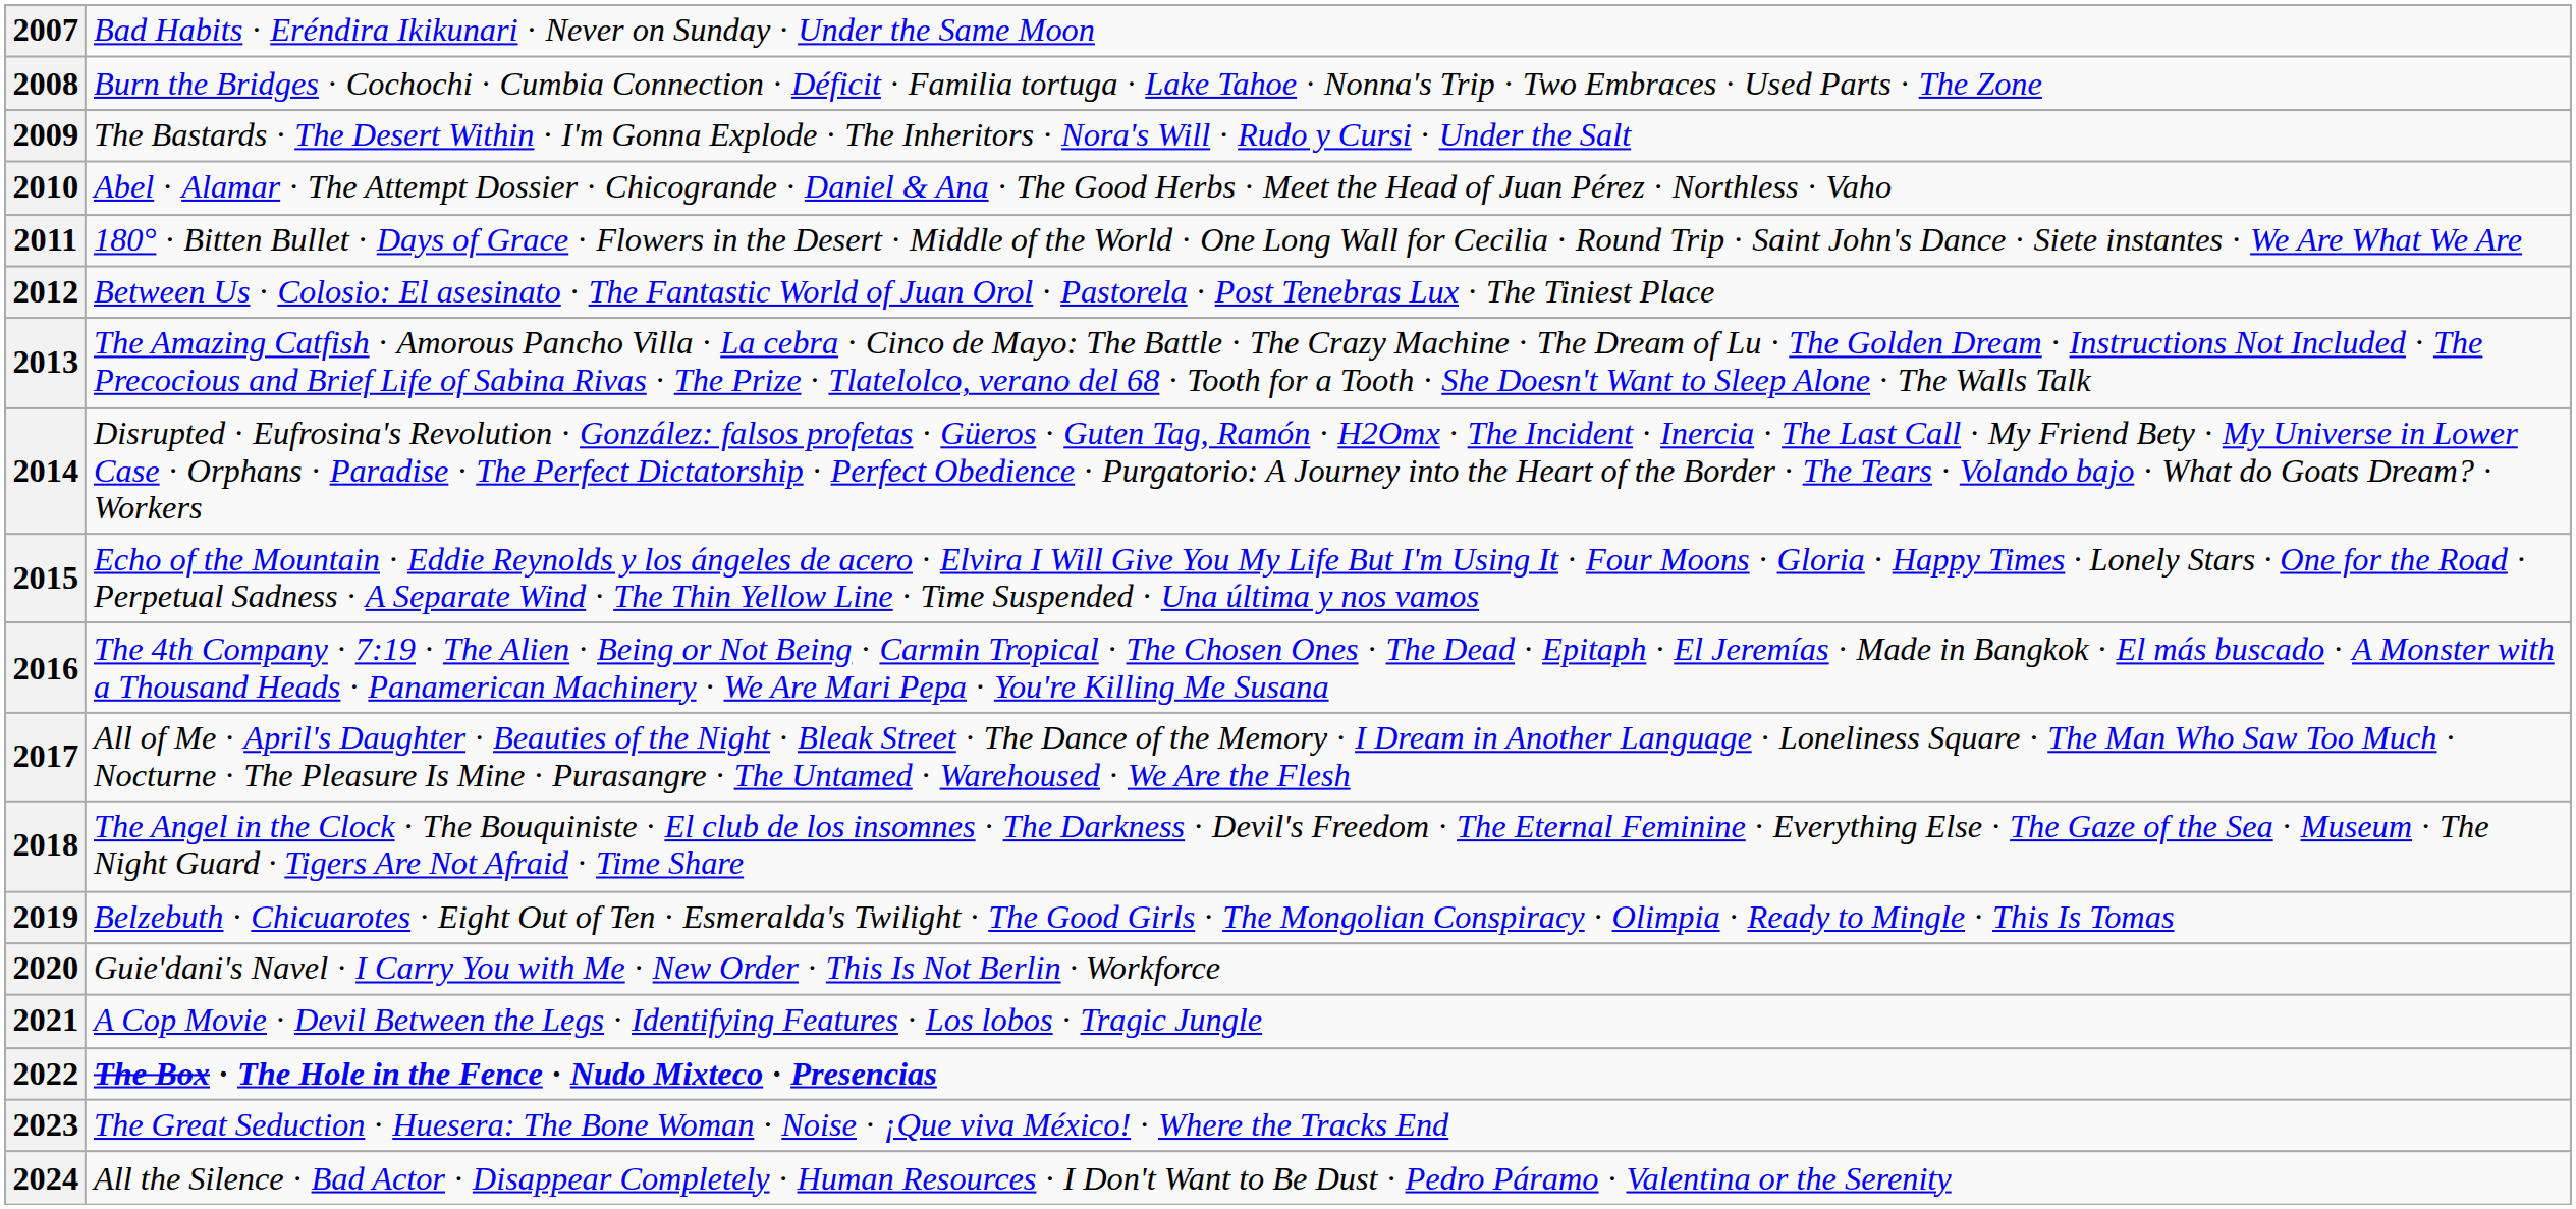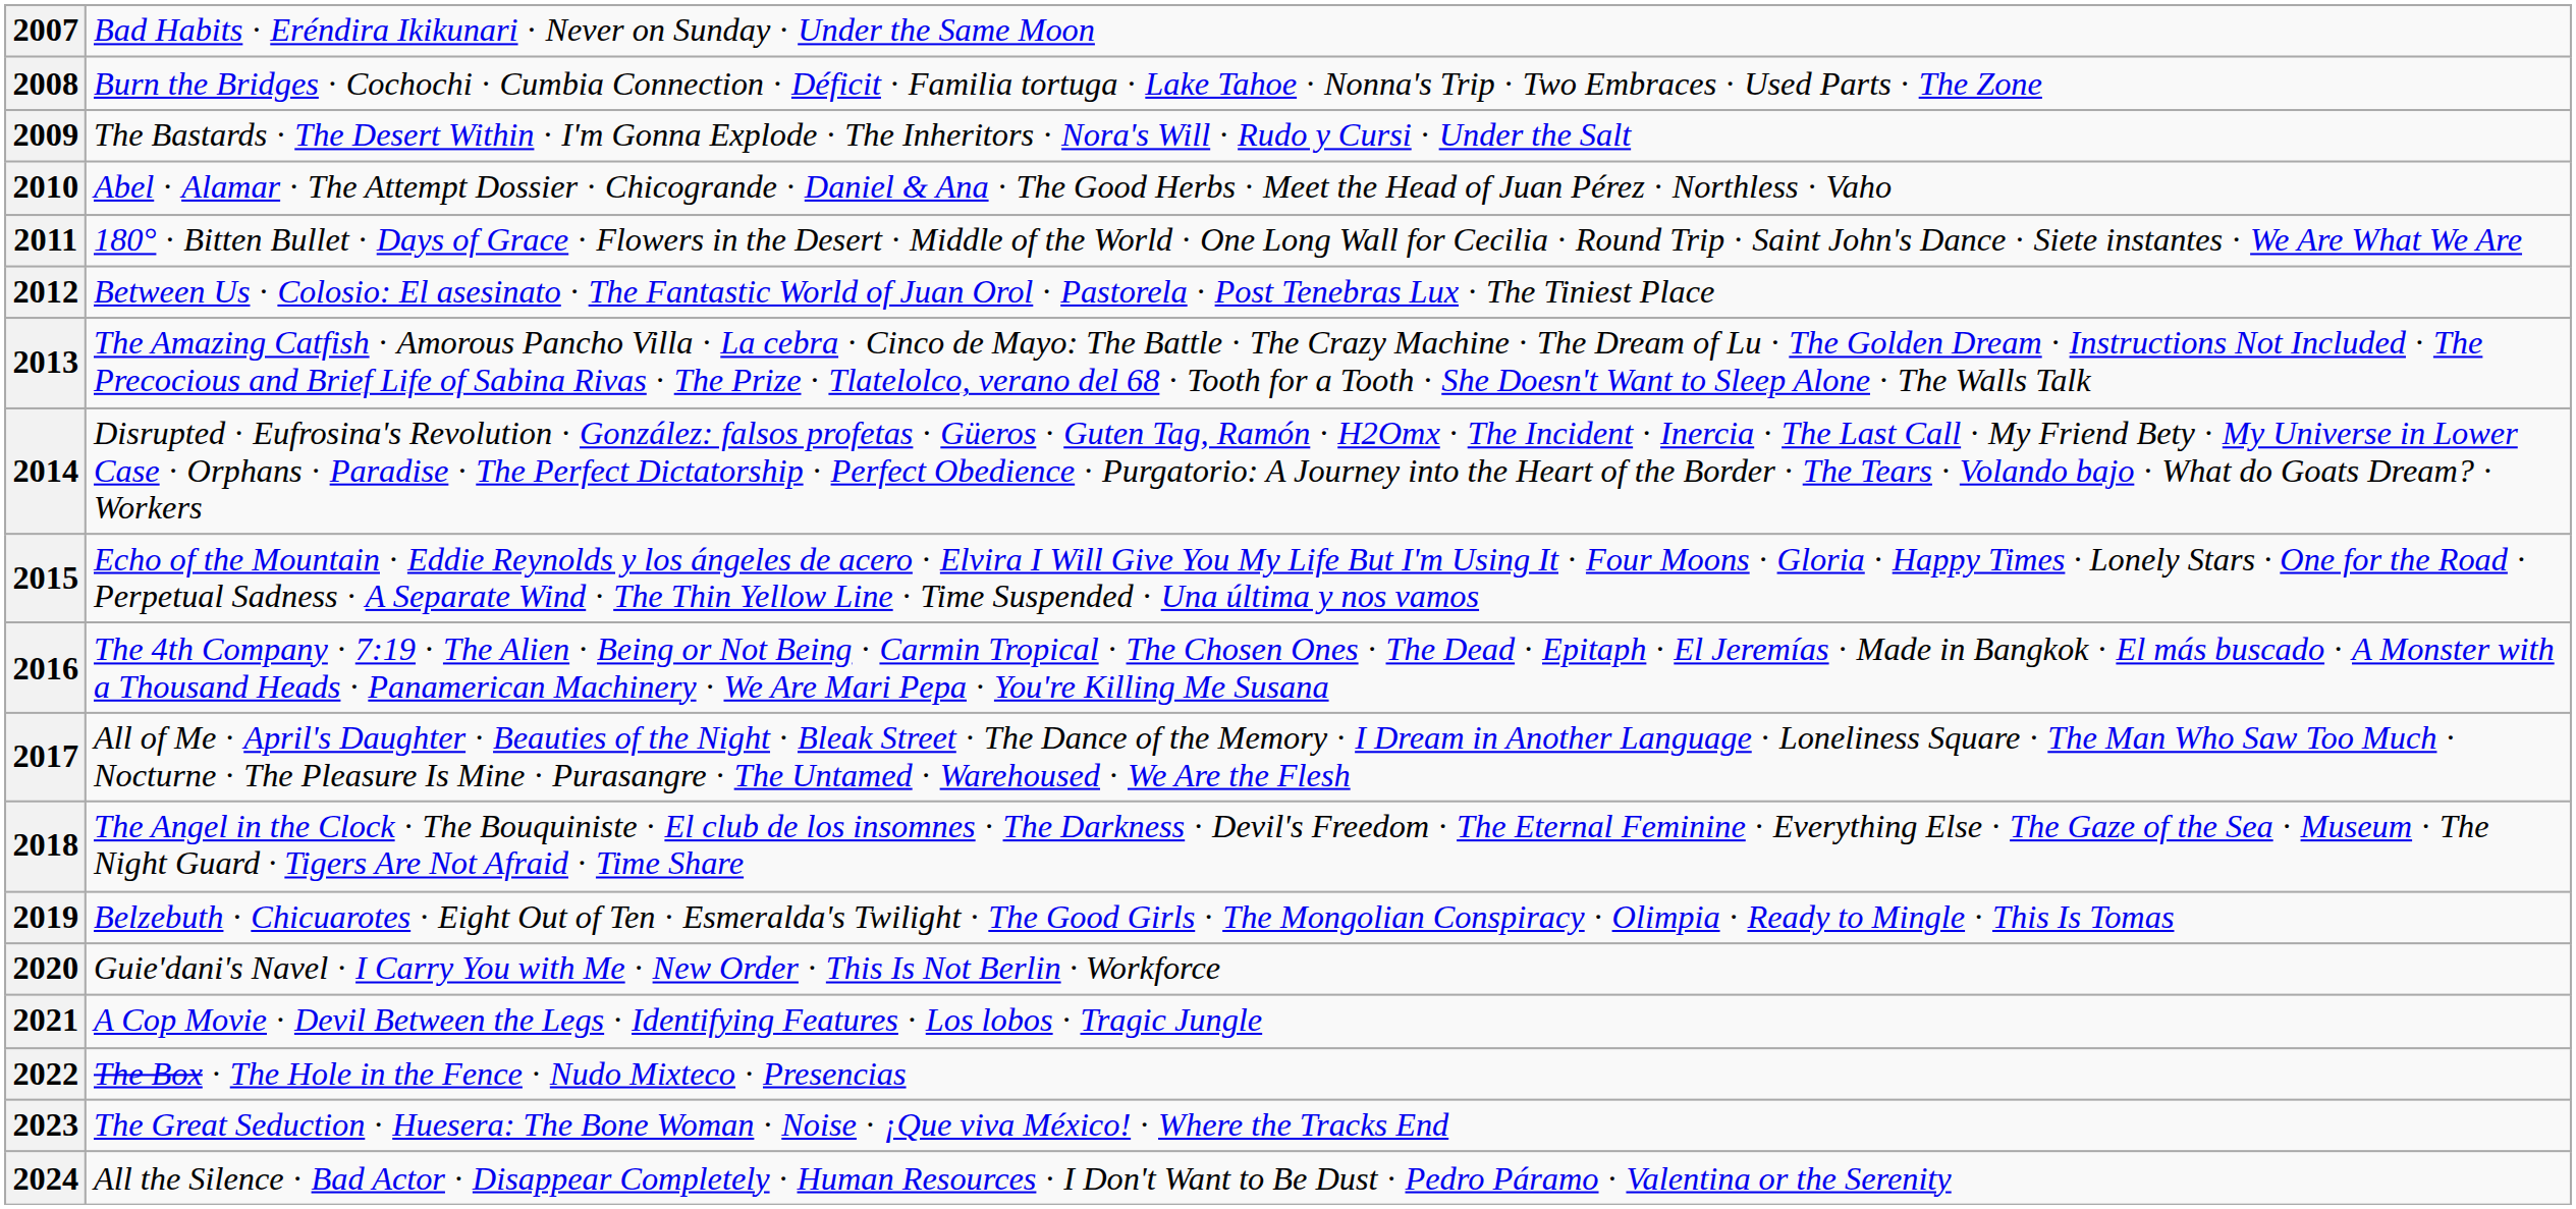 <table class="wikitable">
 <tr>
 <th>2007</th>
 <td><em><a href='#'>Bad Habits</a></em> · <em><a href='#'>Eréndira Ikikunari</a></em> · <em>Never on Sunday</em> · <em><a href='#'>Under the Same Moon</a></em></td>
 </tr>
 <tr>
 <th>2008</th>
 <td><em><a href='#'>Burn the Bridges</a></em> · <em>Cochochi</em> · <em>Cumbia Connection</em> · <em><a href='#'>Déficit</a></em> · <em>Familia tortuga</em> · <em><a href='#'>Lake Tahoe</a></em> · <em>Nonna's Trip</em> · <em>Two Embraces</em> · <em>Used Parts</em> · <em><a href='#'>The Zone</a></em></td>
 </tr>
 <tr>
 <th>2009</th>
 <td><em>The Bastards</em> · <em><a href='#'>The Desert Within</a></em> · <em>I'm Gonna Explode</em> · <em>The Inheritors</em> · <em><a href='#'>Nora's Will</a></em> · <em><a href='#'>Rudo y Cursi</a></em> · <em><a href='#'>Under the Salt</a></em></td>
 </tr>
 <tr>
 <th>2010</th>
 <td><em><a href='#'>Abel</a></em> · <em><a href='#'>Alamar</a></em> · <em>The Attempt Dossier</em> · <em>Chicogrande</em> · <em><a href='#'>Daniel & Ana</a></em> · <em>The Good Herbs</em> · <em>Meet the Head of Juan Pérez</em> · <em>Northless</em> · <em>Vaho</em></td>
 </tr>
 <tr>
 <th>2011</th>
 <td><em><a href='#'>180°</a></em> · <em>Bitten Bullet</em> · <a href='#'><em>Days of Grace</em></a> · <em>Flowers in the Desert</em> · <em>Middle of the World</em> · <em>One Long Wall for Cecilia</em> · <em>Round Trip</em> · <em>Saint John's Dance</em> · <em>Siete instantes</em> · <em><a href='#'>We Are What We Are</a></em></td>
 </tr>
 <tr>
 <th>2012</th>
 <td><em><a href='#'>Between Us</a></em> · <em><a href='#'>Colosio: El asesinato</a></em> · <em><a href='#'>The Fantastic World of Juan Orol</a></em> · <em><a href='#'>Pastorela</a></em> · <em><a href='#'>Post Tenebras Lux</a></em> · <em>The Tiniest Place</em></td>
 </tr>
 <tr>
 <th>2013</th>
 <td><em><a href='#'>The Amazing Catfish</a></em> · <em>Amorous Pancho Villa</em> · <em><a href='#'>La cebra</a></em> · <em>Cinco de Mayo: The Battle</em> · <em>The Crazy Machine</em> · <em>The Dream of Lu</em> · <em><a href='#'>The Golden Dream</a></em> · <em><a href='#'>Instructions Not Included</a></em> · <a href='#'><em>The Precocious and Brief Life of Sabina Rivas</em></a> · <em><a href='#'>The Prize</a></em> · <em><a href='#'>Tlatelolco, verano del 68</a></em> · <em>Tooth for a Tooth</em> · <em><a href='#'>She Doesn't Want to Sleep Alone</a></em> · <em>The Walls Talk</em></td>
 </tr>
 <tr>
 <th>2014</th>
 <td><em>Disrupted</em> · <em>Eufrosina's Revolution</em> · <em><a href='#'>González: falsos profetas</a></em> · <em><a href='#'>Güeros</a></em> · <a href='#'><em>Guten Tag, Ramón</em></a> · <em><a href='#'>H2Omx</a></em> · <em><a href='#'>The Incident</a></em> · <em><a href='#'>Inercia</a></em> · <em><a href='#'>The Last Call</a></em> · <em>My Friend Bety</em> · <em><a href='#'>My Universe in Lower Case</a></em> · <em>Orphans</em> · <em><a href='#'>Paradise</a></em> · <em><a href='#'>The Perfect Dictatorship</a></em> · <em><a href='#'>Perfect Obedience</a></em> · <em>Purgatorio: A Journey into the Heart of the Border</em> · <a href='#'><em>The Tears</em></a> · <em><a href='#'>Volando bajo</a></em> · <em>What do Goats Dream?</em> · <em>Workers</em></td>
 </tr>
 <tr>
 <th>2015</th>
 <td><em><a href='#'>Echo of the Mountain</a></em> · <em><a href='#'>Eddie Reynolds y los ángeles de acero</a></em> · <em><a href='#'>Elvira I Will Give You My Life But I'm Using It</a></em> · <em><a href='#'>Four Moons</a></em> · <a href='#'><em>Gloria</em></a> · <em><a href='#'>Happy Times</a> · Lonely Stars · <a href='#'>One for the Road</a></em> · <em>Perpetual Sadness</em> · <em><a href='#'>A Separate Wind</a></em> · <em><a href='#'>The Thin Yellow Line</a></em> · <em>Time Suspended</em> · <em><a href='#'>Una última y nos vamos</a></em></td>
 </tr>
 <tr>
 <th>2016</th>
 <td><em><a href='#'>The 4th Company</a></em> · <em><a href='#'>7:19</a></em> · <a href='#'><em>The Alien</em></a> · <em><a href='#'>Being or Not Being</a></em> · <em><a href='#'>Carmin Tropical</a></em> · <a href='#'><em>The Chosen Ones</em></a> · <em><a href='#'>The Dead</a></em> · <em><a href='#'>Epitaph</a></em> · <em><a href='#'>El Jeremías</a></em> · <em>Made in Bangkok</em> · <em><a href='#'>El más buscado</a></em> · <em><a href='#'>A Monster with a Thousand Heads</a></em> · <em><a href='#'>Panamerican Machinery</a></em> · <em><a href='#'>We Are Mari Pepa</a></em> · <em><a href='#'>You're Killing Me Susana</a></em></td>
 </tr>
 <tr>
 <th>2017</th>
 <td><em>All of Me</em> · <em><a href='#'>April's Daughter</a></em> · <em><a href='#'>Beauties of the Night</a></em> · <em><a href='#'>Bleak Street</a></em> · <em>The Dance of the Memory</em> · <em><a href='#'>I Dream in Another Language</a></em> · <em>Loneliness Square</em> · <em><a href='#'>The Man Who Saw Too Much</a></em> · <em>Nocturne</em> · <em>The Pleasure Is Mine</em> · <em>Purasangre</em> · <em><a href='#'>The Untamed</a></em> · <em><a href='#'>Warehoused</a></em> · <em><a href='#'>We Are the Flesh</a></em></td>
 </tr>
 <tr>
 <th>2018</th>
 <td><em><a href='#'>The Angel in the Clock</a></em> · <em>The Bouquiniste</em> · <em><a href='#'>El club de los insomnes</a></em> · <em><a href='#'>The Darkness</a></em> · <em>Devil's Freedom</em> · <em><a href='#'>The Eternal Feminine</a></em> · <em>Everything Else</em> · <em><a href='#'>The Gaze of the Sea</a></em> · <a href='#'><em>Museum</em></a> · <em>The Night Guard ·</em> <em><a href='#'>Tigers Are Not Afraid</a></em> · <em><a href='#'>Time Share</a></em></td>
 </tr>
 <tr>
 <th>2019</th>
 <td><em><a href='#'>Belzebuth</a></em> · <em><a href='#'>Chicuarotes</a></em> · <em>Eight Out of Ten</em> · <em>Esmeralda's Twilight</em> · <a href='#'><em>The Good Girls</em></a> · <em><a href='#'>The Mongolian Conspiracy</a></em> · <em><a href='#'>Olimpia</a></em> · <em><a href='#'>Ready to Mingle</a></em> · <em><a href='#'>This Is Tomas</a></em></td>
 </tr>
 <tr>
 <th>2020</th>
 <td><em>Guie'dani's Navel</em> · <em><a href='#'>I Carry You with Me</a></em> · <em><a href='#'>New Order</a></em> · <em><a href='#'>This Is Not Berlin</a> ·</em> <em>Workforce</em></td>
 </tr>
 <tr>
 <th>2021</th>
 <td><em><a href='#'>A Cop Movie</a></em> · <em><a href='#'>Devil Between the Legs</a></em> · <em><a href='#'>Identifying Features</a></em> · <em><a href='#'>Los lobos</a></em> · <em><a href='#'>Tragic Jungle</a></em></td>
 </tr>
 <tr>
 <th>2022</th>
-<td><strong><em><a href='#'><s>The Box</s></a></em> · <em><a href='#'>The Hole in the Fence</a></em> · <em><a href='#'>Nudo Mixteco</a></em> · <em><a href='#'>Presencias</a></em></strong></td>
+<td><em><a href='#'><s>The Box</s></a></em> · <em><a href='#'>The Hole in the Fence</a></em> · <em><a href='#'>Nudo Mixteco</a></em> · <em><a href='#'>Presencias</a></em></td>
 </tr>
 <tr>
 <th>2023</th>
 <td><em><a href='#'>The Great Seduction</a></em> · <em><a href='#'>Huesera: The Bone Woman</a></em> · <em><a href='#'>Noise</a></em> · <em><a href='#'>¡Que viva México!</a></em> · <em><a href='#'>Where the Tracks End</a></em></td>
 </tr>
 <tr>
 <th>2024</th>
 <td><em>All the Silence</em> · <em><a href='#'>Bad Actor</a></em> · <em><a href='#'>Disappear Completely</a></em> · <a href='#'><em>Human Resources</em></a> · <em>I Don't Want to Be Dust</em> · <a href='#'><em>Pedro Páramo</em></a> · <em><a href='#'>Valentina or the Serenity</a></em></td>
 </tr>
 </table>
